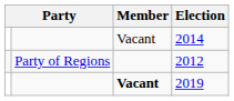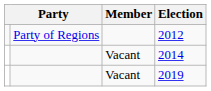 <table class="wikitable">
 <tr>
 <th colspan="2">Party</th>
 <th>Member</th>
 <th>Election</th>
-</tr>
-<tr>
-<td style="background-color: white"></td>
-<td></td>
-<td>Vacant</td>
-<td><a href='#'>2014</a></td>
 </tr>
 <tr>
 <td style="background-color: "></td>
 <td><a href='#'>Party of Regions</a></td>
 <td></td>
 <td><a href='#'>2012</a></td>
 </tr>
 <tr>
 <td style="background-color: white"></td>
 <td></td>
-<td><strong>Vacant</strong></td>
+<td>Vacant</td>
+<td><a href='#'>2014</a></td>
+</tr>
+<tr>
+<td style="background-color: white"></td>
+<td></td>
+<td>Vacant</td>
 <td><a href='#'>2019</a></td>
 </tr>
 </table>
